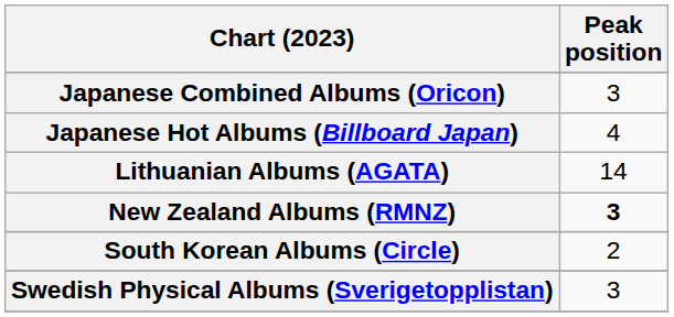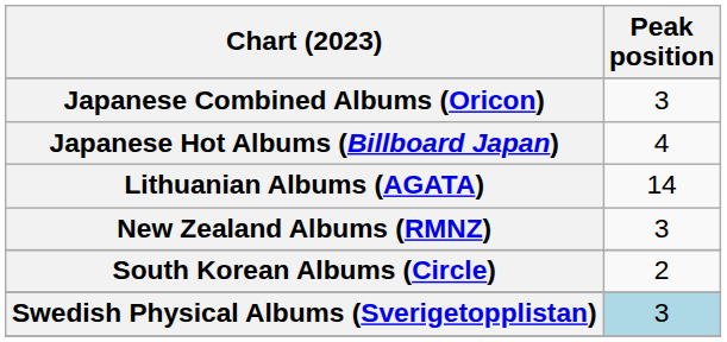 <table class="wikitable sortable plainrowheaders" style="text-align:center">
 <tr>
 <th scope="col">Chart (2023)</th>
 <th scope="col">Peak<br>position</th>
 </tr>
 <tr>
 </tr>
 <tr>
 </tr>
 <tr>
 </tr>
 <tr>
 </tr>
 <tr>
 </tr>
 <tr>
 </tr>
 <tr>
 </tr>
 <tr>
 </tr>
 <tr>
 </tr>
 <tr>
 </tr>
 <tr>
 <th scope="row">Japanese Combined Albums (<a href='#'>Oricon</a>)</th>
 <td>3</td>
 </tr>
 <tr>
 <th scope="row">Japanese Hot Albums (<em><a href='#'>Billboard Japan</a></em>)</th>
 <td>4</td>
 </tr>
 <tr>
 <th scope="row">Lithuanian Albums (<a href='#'>AGATA</a>)</th>
 <td>14</td>
 </tr>
 <tr>
 <th scope="row">New Zealand Albums (<a href='#'>RMNZ</a>)</th>
-<td><strong>3</strong></td>
+<td>3</td>
 </tr>
 <tr>
 </tr>
 <tr>
 </tr>
 <tr>
 <th scope="row">South Korean Albums (<a href='#'>Circle</a>)</th>
 <td>2</td>
 </tr>
 <tr>
 </tr>
 <tr>
 <th scope="row">Swedish Physical Albums (<a href='#'>Sverigetopplistan</a>)</th>
-<td>3</td>
+<td style="background: lightblue;">3</td>
 </tr>
 <tr>
 </tr>
 <tr>
 </tr>
 <tr>
 </tr>
 <tr>
 </tr>
 </table>
